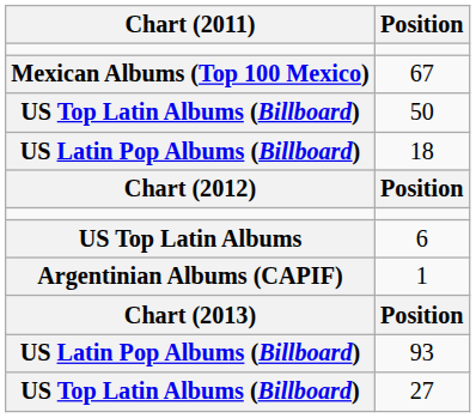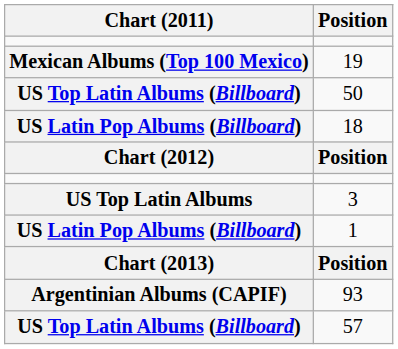 <table class="wikitable sortable plainrowheaders">
 <tr>
 <th scope="col">Chart (2011)</th>
 <th scope="col">Position</th>
 </tr>
 <tr>
 <td></td>
 </tr>
 <tr>
 <th scope="row">Mexican Albums (<a href='#'>Top 100 Mexico</a>)</th>
-<td style="text-align:center;">67</td>
+<td style="text-align:center;">19</td>
 </tr>
 <tr>
 <th scope="row">US <a href='#'>Top Latin Albums</a> (<em><a href='#'>Billboard</a></em>)</th>
 <td style="text-align:center;">50</td>
 </tr>
 <tr>
 <th scope="row">US <a href='#'>Latin Pop Albums</a> (<em><a href='#'>Billboard</a></em>)</th>
 <td style="text-align:center;">18</td>
 </tr>
 <tr>
 <th scope="col">Chart (2012)</th>
 <th scope="col">Position</th>
 </tr>
 <tr>
 <td></td>
 </tr>
 <tr>
 <th scope="row">US Top Latin Albums</th>
-<td style="text-align:center;">6</td>
+<td style="text-align:center;">3</td>
 </tr>
 <tr>
-<th scope="row">Argentinian Albums (CAPIF)</th>
+<th scope="row">US <a href='#'>Latin Pop Albums</a> (<em><a href='#'>Billboard</a></em>)</th>
 <td style="text-align:center;">1</td>
 </tr>
 <tr>
 <th scope="col">Chart (2013)</th>
 <th scope="col">Position</th>
 </tr>
 <tr>
-<th scope="row">US <a href='#'>Latin Pop Albums</a> (<em><a href='#'>Billboard</a></em>)</th>
+<th scope="row">Argentinian Albums (CAPIF)</th>
 <td style="text-align:center;">93</td>
 </tr>
 <tr>
 <th scope="row">US <a href='#'>Top Latin Albums</a> (<em><a href='#'>Billboard</a></em>)</th>
-<td style="text-align:center;">27</td>
+<td style="text-align:center;">57</td>
 </tr>
 </table>
